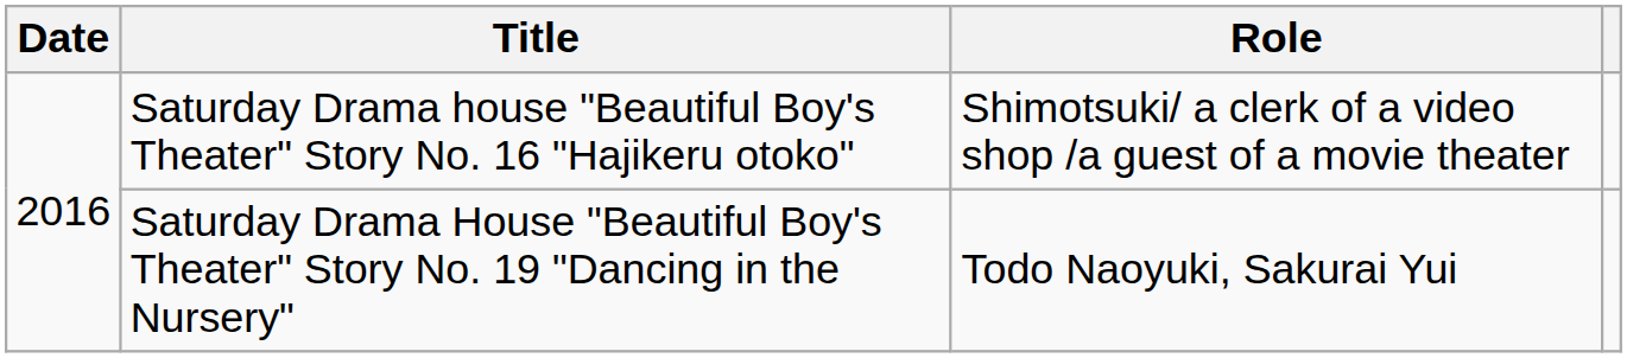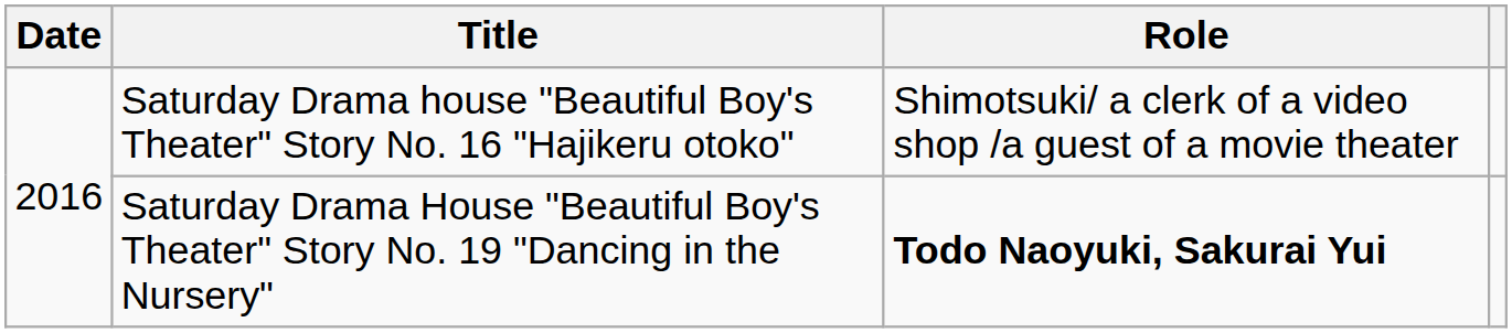 <table class="wikitable">
 <tr>
 <th>Date</th>
 <th>Title</th>
 <th>Role</th>
 <th></th>
 </tr>
 <tr>
 <td rowspan="2">2016</td>
 <td>Saturday Drama house "Beautiful Boy's Theater" Story No. 16 "Hajikeru otoko"</td>
 <td>Shimotsuki/ a clerk of a video shop /a guest of a movie theater</td>
 <td></td>
 </tr>
 <tr>
 <td>Saturday Drama House "Beautiful Boy's Theater" Story No. 19 "Dancing in the Nursery"</td>
-<td>Todo Naoyuki, Sakurai Yui</td>
+<td><strong>Todo Naoyuki, Sakurai Yui</strong></td>
 <td></td>
 </tr>
 </table>
